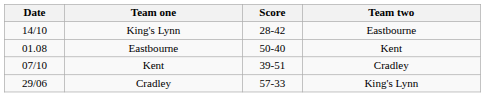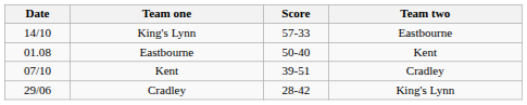 <table class="wikitable" style="text-align: center">
 <tr>
 <th width=80>Date</th>
 <th width=250>Team one</th>
 <th width=80>Score</th>
 <th width=250>Team two</th>
 </tr>
 <tr>
 <td>14/10</td>
 <td>King's Lynn</td>
-<td>28-42</td>
+<td>57-33</td>
 <td>Eastbourne</td>
 </tr>
 <tr>
 <td>01.08</td>
 <td>Eastbourne</td>
 <td>50-40</td>
 <td>Kent</td>
 </tr>
 <tr>
 <td>07/10</td>
 <td>Kent</td>
 <td>39-51</td>
 <td>Cradley</td>
 </tr>
 <tr>
 <td>29/06</td>
 <td>Cradley</td>
-<td>57-33</td>
+<td>28-42</td>
 <td>King's Lynn</td>
 </tr>
 </table>
